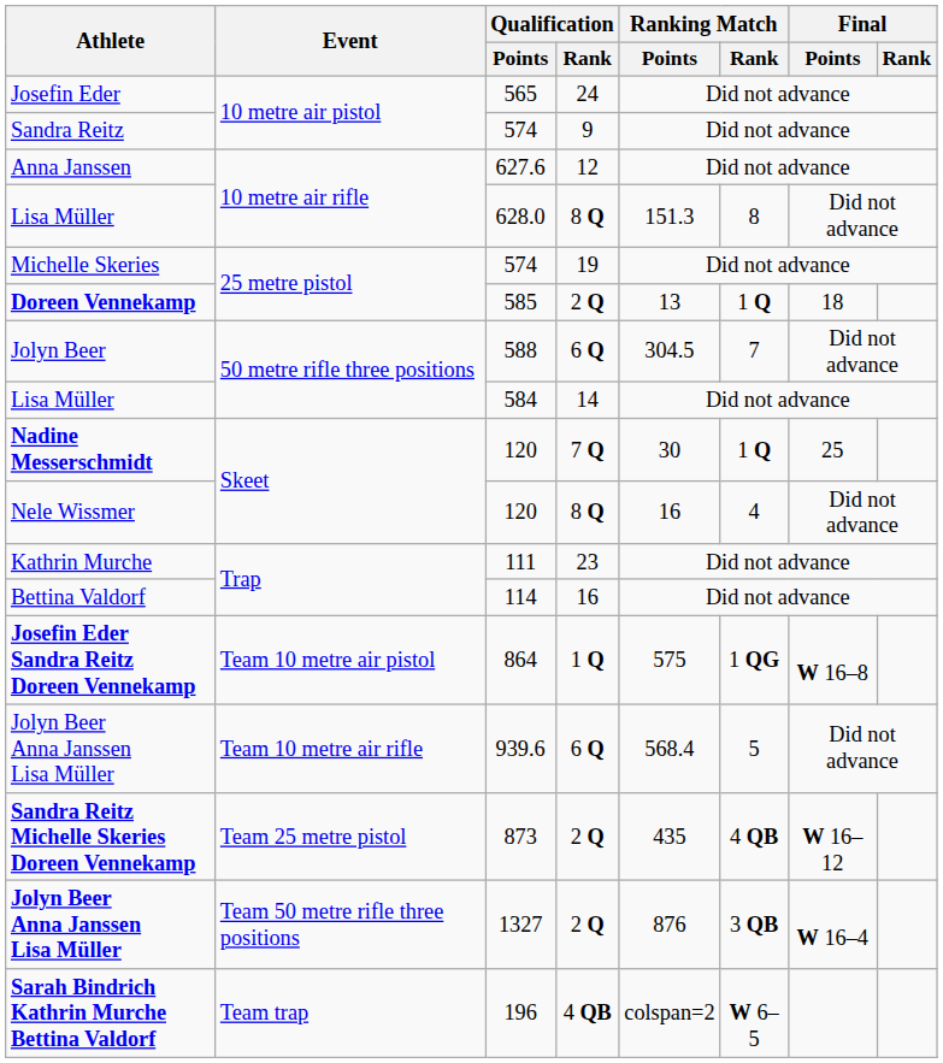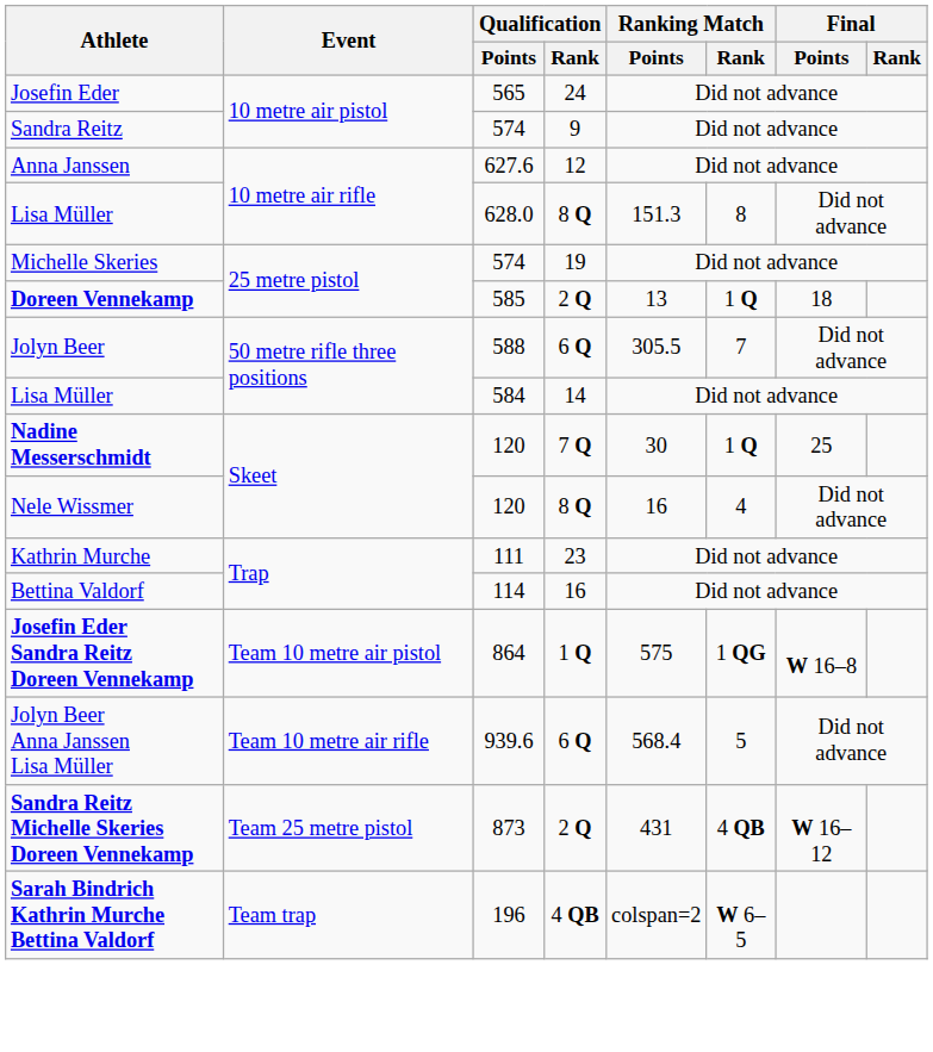 <table class="wikitable" style="font-size:90%">
 <tr>
 <th rowspan="2">Athlete</th>
 <th rowspan="2">Event</th>
 <th colspan=2>Qualification</th>
 <th colspan=2>Ranking Match</th>
 <th colspan=2>Final</th>
 </tr>
 <tr style="font-size:95%">
 <th>Points</th>
 <th>Rank</th>
 <th>Points</th>
 <th>Rank</th>
 <th>Points</th>
 <th>Rank</th>
 </tr>
 <tr align=center>
 <td align=left><a href='#'>Josefin Eder</a></td>
 <td rowspan=2 align=left><a href='#'>10 metre air pistol</a></td>
 <td>565</td>
 <td>24</td>
 <td colspan=4>Did not advance</td>
 </tr>
 <tr align=center>
 <td align=left><a href='#'>Sandra Reitz</a></td>
 <td>574</td>
 <td>9</td>
 <td colspan=4>Did not advance</td>
 </tr>
 <tr align=center>
 <td align=left><a href='#'>Anna Janssen</a></td>
 <td rowspan=2 align=left><a href='#'>10 metre air rifle</a></td>
 <td>627.6</td>
 <td>12</td>
 <td colspan=4>Did not advance</td>
 </tr>
 <tr align=center>
 <td align=left><a href='#'>Lisa Müller</a></td>
 <td>628.0</td>
 <td>8 <strong>Q</strong></td>
 <td>151.3</td>
 <td>8</td>
 <td colspan=2>Did not advance</td>
 </tr>
 <tr align=center>
 <td align=left><a href='#'>Michelle Skeries</a></td>
 <td rowspan=2 align=left><a href='#'>25 metre pistol</a></td>
 <td>574</td>
 <td>19</td>
 <td colspan=4>Did not advance</td>
 </tr>
 <tr align=center>
 <td align=left><strong><a href='#'>Doreen Vennekamp</a></strong></td>
 <td>585</td>
 <td>2 <strong>Q</strong></td>
 <td>13</td>
 <td>1 <strong>Q</strong></td>
 <td>18</td>
 <td></td>
 </tr>
 <tr align=center>
 <td align=left><a href='#'>Jolyn Beer</a></td>
 <td rowspan=2 align=left><a href='#'>50 metre rifle three positions</a></td>
 <td>588</td>
 <td>6 <strong>Q</strong></td>
-<td>304.5</td>
+<td>305.5</td>
 <td>7</td>
 <td colspan=2>Did not advance</td>
 </tr>
 <tr align=center>
 <td align=left><a href='#'>Lisa Müller</a></td>
 <td>584</td>
 <td>14</td>
 <td colspan=4>Did not advance</td>
 </tr>
 <tr align=center>
 <td align=left><strong><a href='#'>Nadine Messerschmidt</a></strong></td>
 <td rowspan=2 align=left><a href='#'>Skeet</a></td>
 <td>120</td>
 <td>7 <strong>Q</strong></td>
 <td>30</td>
 <td>1 <strong>Q</strong></td>
 <td>25</td>
 <td></td>
 </tr>
 <tr align=center>
 <td align=left><a href='#'>Nele Wissmer</a></td>
 <td>120</td>
 <td>8 <strong>Q</strong></td>
 <td>16</td>
 <td>4</td>
 <td colspan=2>Did not advance</td>
 </tr>
 <tr align=center>
 <td align=left><a href='#'>Kathrin Murche</a></td>
 <td rowspan=2 align=left><a href='#'>Trap</a></td>
 <td>111</td>
 <td>23</td>
 <td colspan=4>Did not advance</td>
 </tr>
 <tr align=center>
 <td align=left><a href='#'>Bettina Valdorf</a></td>
 <td>114</td>
 <td>16</td>
 <td colspan=4>Did not advance</td>
 </tr>
 <tr align=center>
 <td align=left><strong><a href='#'>Josefin Eder</a><br><a href='#'>Sandra Reitz</a><br><a href='#'>Doreen Vennekamp</a></strong></td>
 <td align=left><a href='#'>Team 10 metre air pistol</a></td>
 <td>864</td>
 <td>1 <strong>Q</strong></td>
 <td>575</td>
 <td>1 <strong>QG</strong></td>
 <td><br><strong>W</strong> 16–8</td>
 <td></td>
 </tr>
 <tr align=center>
 <td align=left><a href='#'>Jolyn Beer</a><br><a href='#'>Anna Janssen</a><br><a href='#'>Lisa Müller</a></td>
 <td align=left><a href='#'>Team 10 metre air rifle</a></td>
 <td>939.6</td>
 <td>6 <strong>Q</strong></td>
 <td>568.4</td>
 <td>5</td>
 <td colspan=2>Did not advance</td>
 </tr>
 <tr align=center>
 <td align=left><strong><a href='#'>Sandra Reitz</a><br><a href='#'>Michelle Skeries</a><br><a href='#'>Doreen Vennekamp</a></strong></td>
 <td align=left><a href='#'>Team 25 metre pistol</a></td>
 <td>873</td>
 <td>2 <strong>Q</strong></td>
-<td>435</td>
+<td>431</td>
 <td>4 <strong>QB</strong></td>
 <td><br><strong>W</strong> 16–12</td>
-<td></td>
-</tr>
-<tr align=center>
-<td align=left><strong><a href='#'>Jolyn Beer</a><br><a href='#'>Anna Janssen</a><br><a href='#'>Lisa Müller</a></strong></td>
-<td align=left><a href='#'>Team 50 metre rifle three positions</a></td>
-<td>1327</td>
-<td>2 <strong>Q</strong></td>
-<td>876</td>
-<td>3 <strong>QB</strong></td>
-<td><br><strong>W</strong> 16–4</td>
 <td></td>
 </tr>
 <tr align=center>
 <td align=left><strong><a href='#'>Sarah Bindrich</a><br><a href='#'>Kathrin Murche</a><br><a href='#'>Bettina Valdorf</a></strong></td>
 <td align=left><a href='#'>Team trap</a></td>
 <td>196</td>
 <td>4 <strong>QB</strong></td>
 <td>colspan=2</td>
 <td><br><strong>W</strong> 6–5</td>
 <td></td>
 </tr>
 </table>
